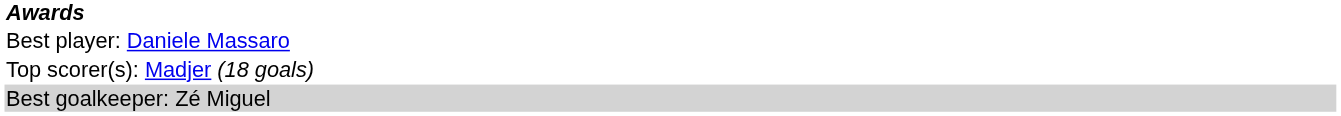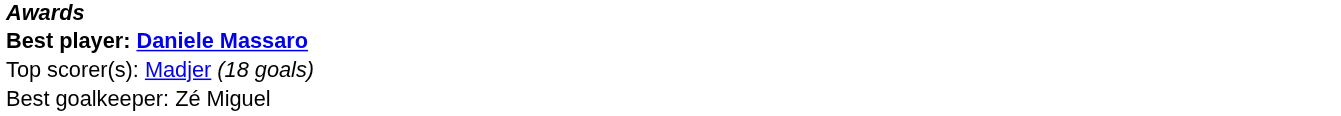 <table width=100% cellspacing=1 style="font-size: 90%;">
 <tr>
 <td><strong><em>Awards</em></strong></td>
 </tr>
 <tr>
-<td>Best player:  <a href='#'>Daniele Massaro</a></td>
+<td><strong>Best player:  <a href='#'>Daniele Massaro</a></strong></td>
 </tr>
 <tr>
 <td colspan=4>Top scorer(s):  <a href='#'>Madjer</a> <em>(18 goals)</em></td>
 </tr>
 <tr>
-<td style="background: lightgrey;">Best goalkeeper:  Zé Miguel</td>
+<td>Best goalkeeper:  Zé Miguel</td>
 </tr>
 </table>
